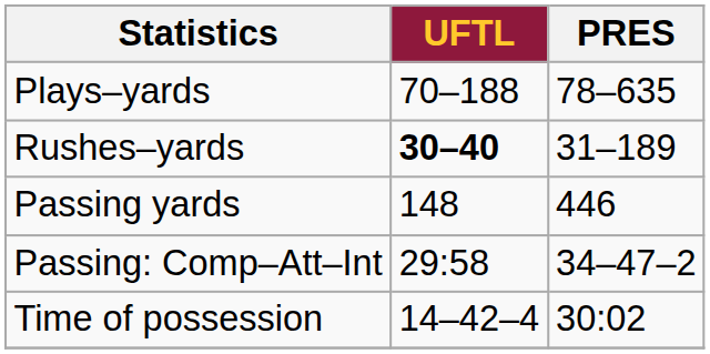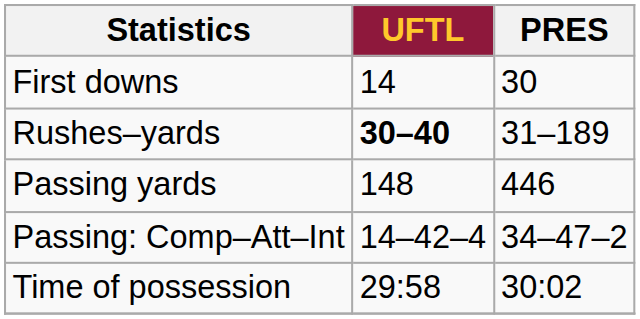 <table class="wikitable">
 <tr>
 <th>Statistics</th>
 <th style="background:#8e183c; color:#ffc82b">UFTL</th>
 <th>PRES</th>
 </tr>
 <tr>
-<td>Plays–yards</td>
-<td>70–188</td>
-<td>78–635</td>
+<td>First downs</td>
+<td>14</td>
+<td>30</td>
 </tr>
 <tr>
 <td>Rushes–yards</td>
 <td><strong>30–40</strong></td>
 <td>31–189</td>
 </tr>
 <tr>
 <td>Passing yards</td>
 <td>148</td>
 <td>446</td>
 </tr>
 <tr>
 <td>Passing: Comp–Att–Int</td>
-<td>29:58</td>
+<td>14–42–4</td>
 <td>34–47–2</td>
 </tr>
 <tr>
 <td>Time of possession</td>
-<td>14–42–4</td>
+<td>29:58</td>
 <td>30:02</td>
 </tr>
 <tr>
 </tr>
 </table>
